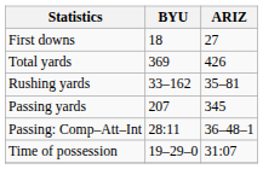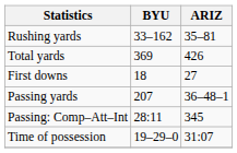 <table class="wikitable" style="float: left;">
 <tr>
 <th>Statistics</th>
 <th>BYU</th>
 <th>ARIZ</th>
 </tr>
 <tr>
-<td>First downs</td>
-<td>18</td>
-<td>27</td>
+<td>Rushing yards</td>
+<td>33–162</td>
+<td>35–81</td>
 </tr>
 <tr>
 <td>Total yards</td>
 <td>369</td>
 <td>426</td>
 </tr>
 <tr>
-<td>Rushing yards</td>
-<td>33–162</td>
-<td>35–81</td>
+<td>First downs</td>
+<td>18</td>
+<td>27</td>
 </tr>
 <tr>
 <td>Passing yards</td>
 <td>207</td>
-<td>345</td>
+<td>36–48–1</td>
 </tr>
 <tr>
 <td>Passing: Comp–Att–Int</td>
 <td>28:11</td>
-<td>36–48–1</td>
+<td>345</td>
 </tr>
 <tr>
 <td>Time of possession</td>
 <td>19–29–0</td>
 <td>31:07</td>
 </tr>
 <tr>
 </tr>
 </table>
